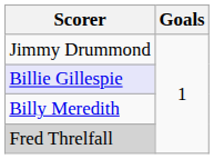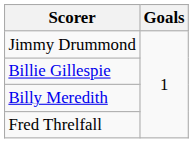 <table class="wikitable">
 <tr>
 <th>Scorer</th>
 <th>Goals</th>
 </tr>
 <tr>
 <td>Jimmy Drummond</td>
 <td rowspan="4" align=center>1</td>
 </tr>
 <tr>
-<td style="background: lavender;"> <a href='#'>Billie Gillespie</a></td>
+<td> <a href='#'>Billie Gillespie</a></td>
 </tr>
 <tr>
 <td> <a href='#'>Billy Meredith</a></td>
 </tr>
 <tr>
-<td style="background: lightgrey;">Fred Threlfall</td>
+<td>Fred Threlfall</td>
 </tr>
 </table>
